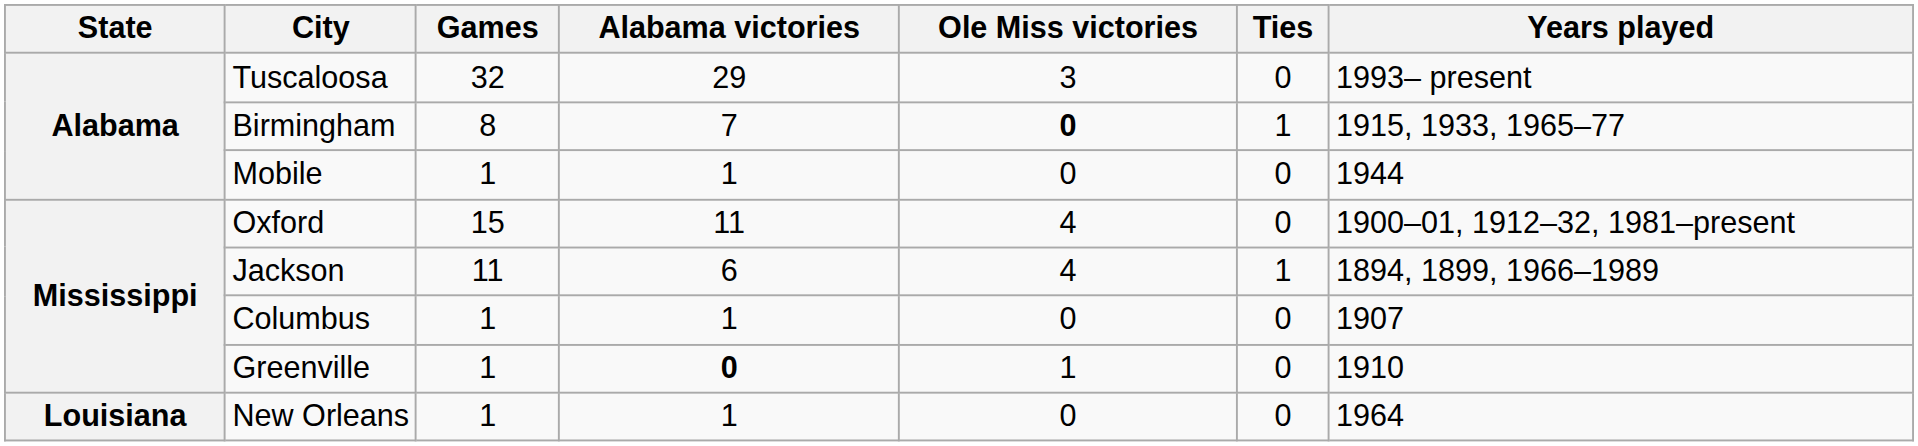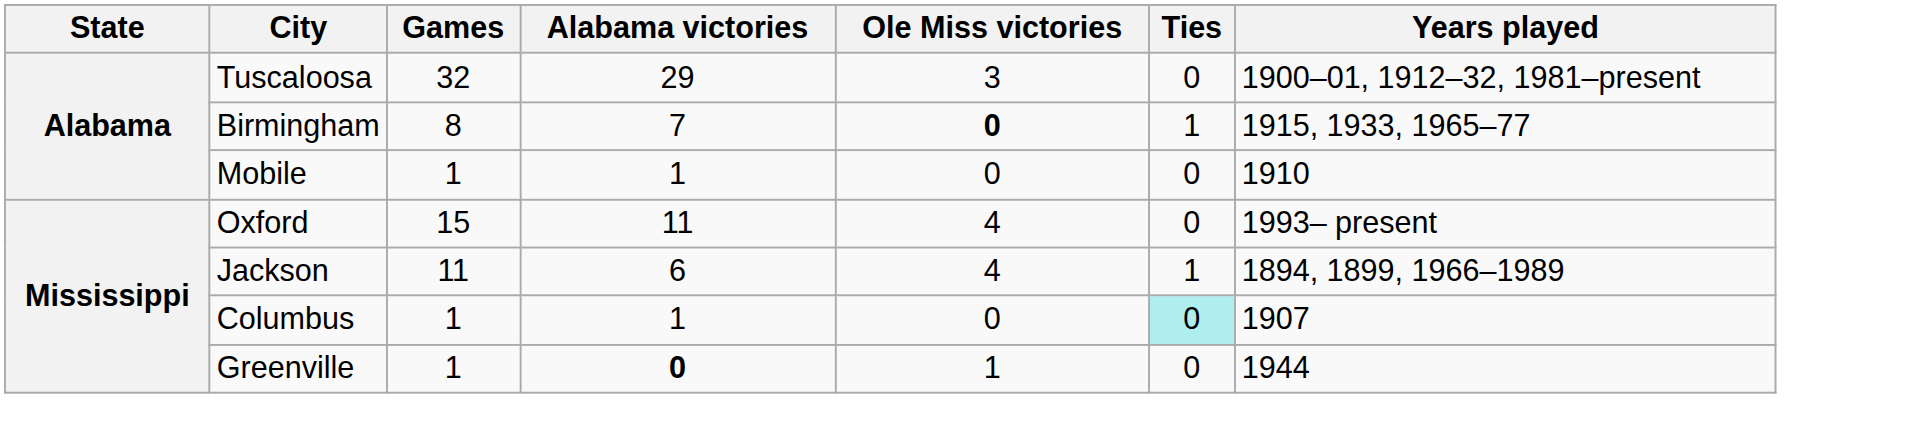 <table class="wikitable sortable">
 <tr>
 <th>State</th>
 <th width="10%">City</th>
 <th>Games</th>
 <th>Alabama victories</th>
 <th>Ole Miss victories</th>
 <th>Ties</th>
 <th>Years played</th>
 </tr>
 <tr>
 <th rowspan="3">Alabama</th>
 <td>Tuscaloosa</td>
 <td style="text-align:center;">32</td>
 <td style="text-align:center;">29</td>
 <td style="text-align:center;">3</td>
 <td style="text-align:center;">0</td>
-<td>1993– present</td>
+<td>1900–01, 1912–32, 1981–present</td>
 </tr>
 <tr>
 <td>Birmingham</td>
 <td style="text-align:center;">8</td>
 <td style="text-align:center;">7</td>
 <td style="text-align:center;"><strong>0</strong></td>
 <td style="text-align:center;">1</td>
 <td>1915, 1933, 1965–77</td>
 </tr>
 <tr>
 <td>Mobile</td>
 <td style="text-align:center;">1</td>
 <td style="text-align:center;">1</td>
 <td style="text-align:center;">0</td>
 <td style="text-align:center;">0</td>
-<td>1944</td>
+<td>1910</td>
 </tr>
 <tr>
 <th rowspan="4">Mississippi</th>
 <td>Oxford</td>
 <td style="text-align:center;">15</td>
 <td style="text-align:center;">11</td>
 <td style="text-align:center;">4</td>
 <td style="text-align:center;">0</td>
-<td>1900–01, 1912–32, 1981–present</td>
+<td>1993– present</td>
 </tr>
 <tr>
 <td>Jackson</td>
 <td style="text-align:center;">11</td>
 <td style="text-align:center;">6</td>
 <td style="text-align:center;">4</td>
 <td style="text-align:center;">1</td>
 <td>1894, 1899, 1966–1989</td>
 </tr>
 <tr>
 <td>Columbus</td>
 <td style="text-align:center;">1</td>
 <td style="text-align:center;">1</td>
 <td style="text-align:center;">0</td>
-<td style="text-align:center;">0</td>
+<td style="background: paleturquoise; text-align:center;">0</td>
 <td>1907</td>
 </tr>
 <tr>
 <td>Greenville</td>
 <td style="text-align:center;">1</td>
 <td style="text-align:center;"><strong>0</strong></td>
 <td style="text-align:center;">1</td>
 <td style="text-align:center;">0</td>
-<td>1910</td>
-</tr>
-<tr>
-<th>Louisiana</th>
-<td>New Orleans</td>
-<td style="text-align:center;">1</td>
-<td style="text-align:center;">1</td>
-<td style="text-align:center;">0</td>
-<td style="text-align:center;">0</td>
-<td>1964</td>
+<td>1944</td>
 </tr>
 </table>
